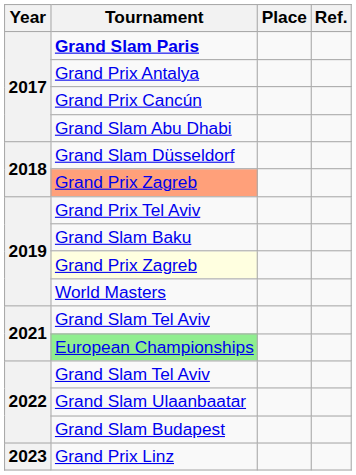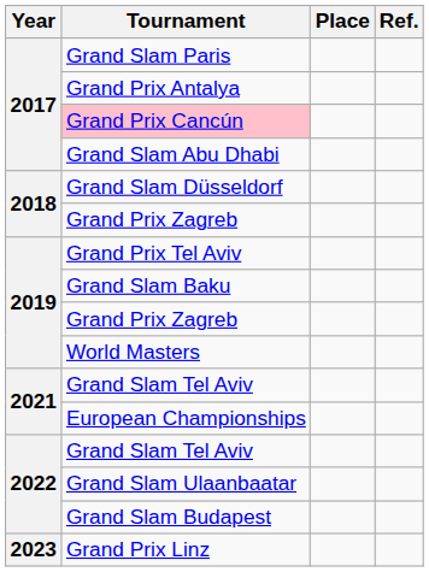 <table class="wikitable sortable" style="text-align:center;">
 <tr>
 <th>Year</th>
 <th>Tournament</th>
 <th>Place</th>
 <th>Ref.</th>
 </tr>
 <tr>
 <th rowspan=4>2017</th>
-<td align=left><strong><a href='#'>Grand Slam Paris</a></strong></td>
+<td align=left><a href='#'>Grand Slam Paris</a></td>
 <td></td>
 <td></td>
 </tr>
 <tr>
 <td align=left><a href='#'>Grand Prix Antalya</a></td>
 <td></td>
 <td></td>
 </tr>
 <tr>
-<td align=left><a href='#'>Grand Prix Cancún</a></td>
+<td align=left style="background: pink;"><a href='#'>Grand Prix Cancún</a></td>
 <td></td>
 <td></td>
 </tr>
 <tr>
 <td align=left><a href='#'>Grand Slam Abu Dhabi</a></td>
 <td></td>
 <td></td>
 </tr>
 <tr>
 <th rowspan=2>2018</th>
 <td align=left><a href='#'>Grand Slam Düsseldorf</a></td>
 <td></td>
 <td></td>
 </tr>
 <tr>
-<td align=left style="background: lightsalmon;"><a href='#'>Grand Prix Zagreb</a></td>
+<td align=left><a href='#'>Grand Prix Zagreb</a></td>
 <td></td>
 <td></td>
 </tr>
 <tr>
 <th rowspan=4>2019</th>
 <td align=left><a href='#'>Grand Prix Tel Aviv</a></td>
 <td></td>
 <td></td>
 </tr>
 <tr>
 <td align=left><a href='#'>Grand Slam Baku</a></td>
 <td></td>
 <td></td>
 </tr>
 <tr>
-<td align=left style="background: lightyellow;"><a href='#'>Grand Prix Zagreb</a></td>
+<td align=left><a href='#'>Grand Prix Zagreb</a></td>
 <td></td>
 <td></td>
 </tr>
 <tr>
 <td align=left><a href='#'>World Masters</a></td>
 <td></td>
 <td></td>
 </tr>
 <tr>
 <th rowspan=2>2021</th>
 <td align=left><a href='#'>Grand Slam Tel Aviv</a></td>
 <td></td>
 <td></td>
 </tr>
 <tr>
-<td align=left style="background: lightgreen;"><a href='#'>European Championships</a></td>
+<td align=left><a href='#'>European Championships</a></td>
 <td></td>
 <td></td>
 </tr>
 <tr>
 <th rowspan=3>2022</th>
 <td align=left><a href='#'>Grand Slam Tel Aviv</a></td>
 <td></td>
 <td></td>
 </tr>
 <tr>
 <td align=left><a href='#'>Grand Slam Ulaanbaatar</a></td>
 <td></td>
 <td></td>
 </tr>
 <tr>
 <td align=left><a href='#'>Grand Slam Budapest</a></td>
 <td></td>
 <td></td>
 </tr>
 <tr>
 <th>2023</th>
 <td align=left><a href='#'>Grand Prix Linz</a></td>
 <td></td>
 <td></td>
 </tr>
 </table>
